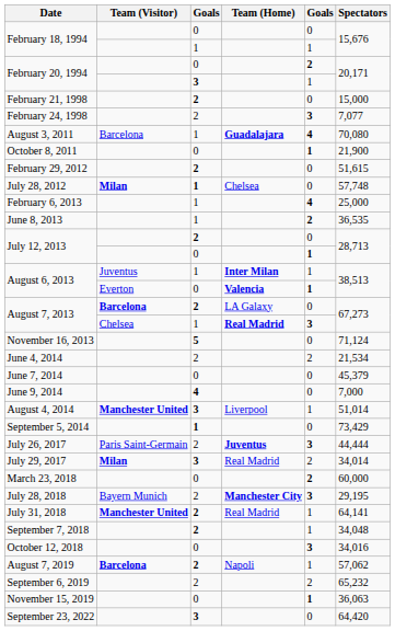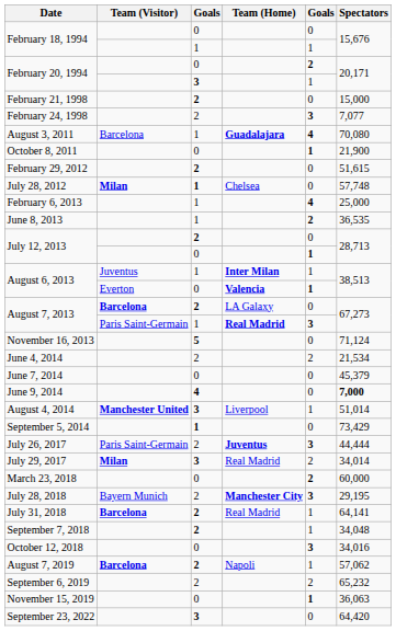 <table class="wikitable" style=font-size:100% style="text-align:center">
 <tr>
 <th style="text-align:center;">Date</th>
 <th style="text-align:center;">Team (Visitor)</th>
 <th style="text-align:center;">Goals</th>
 <th style="text-align:center;">Team (Home)</th>
 <th style="text-align:center;">Goals</th>
 <th style="text-align:center;">Spectators</th>
 </tr>
 <tr>
 <td rowspan=2 align=left>February 18, 1994</td>
 <td align="left"></td>
 <td>0</td>
 <td align="left"></td>
 <td>0</td>
 <td rowspan="2">15,676</td>
 </tr>
 <tr>
 <td align="left"></td>
 <td>1</td>
 <td align="left"></td>
 <td>1</td>
 </tr>
 <tr>
 <td rowspan=2 align=left>February 20, 1994</td>
 <td align="left"></td>
 <td>0</td>
 <td align="left"><strong></strong></td>
 <td><strong>2</strong></td>
 <td rowspan="2">20,171</td>
 </tr>
 <tr>
 <td align="left"><strong></strong></td>
 <td><strong>3</strong></td>
 <td align="left"></td>
 <td>1</td>
 </tr>
 <tr>
 <td align="left">February 21, 1998</td>
 <td align="left"><strong></strong></td>
 <td><strong>2</strong></td>
 <td align="left"></td>
 <td>0</td>
 <td>15,000</td>
 </tr>
 <tr>
 <td align="left">February 24, 1998</td>
 <td align="left"></td>
 <td>2</td>
 <td align="left"><strong></strong></td>
 <td><strong>3</strong></td>
 <td>7,077</td>
 </tr>
 <tr>
 <td align="left">August 3, 2011</td>
 <td align="left"> <a href='#'>Barcelona</a></td>
 <td>1</td>
 <td align="left"> <strong><a href='#'>Guadalajara</a></strong></td>
 <td><strong>4</strong></td>
 <td>70,080</td>
 </tr>
 <tr>
 <td align="left">October 8, 2011</td>
 <td align="left"></td>
 <td>0</td>
 <td align="left"><strong></strong></td>
 <td><strong>1</strong></td>
 <td>21,900</td>
 </tr>
 <tr>
 <td align="left">February 29, 2012</td>
 <td align="left"><strong></strong></td>
 <td><strong>2</strong></td>
 <td align="left"></td>
 <td>0</td>
 <td>51,615</td>
 </tr>
 <tr>
 <td align="left">July 28, 2012</td>
 <td align="left"> <strong><a href='#'>Milan</a></strong></td>
 <td><strong>1</strong></td>
 <td align="left"> <a href='#'>Chelsea</a></td>
 <td>0</td>
 <td>57,748</td>
 </tr>
 <tr>
 <td align="left">February 6, 2013</td>
 <td align="left"></td>
 <td>1</td>
 <td align="left"><strong></strong></td>
 <td><strong>4</strong></td>
 <td>25,000</td>
 </tr>
 <tr>
 <td align="left">June 8, 2013</td>
 <td align="left"></td>
 <td>1</td>
 <td align="left"><strong></strong></td>
 <td><strong>2</strong></td>
 <td>36,535</td>
 </tr>
 <tr>
 <td rowspan=2 align=left>July 12, 2013</td>
 <td align="left"><strong></strong></td>
 <td><strong>2</strong></td>
 <td align="left"></td>
 <td>0</td>
 <td rowspan=2>28,713</td>
 </tr>
 <tr>
 <td align="left"></td>
 <td>0</td>
 <td align="left"><strong></strong></td>
 <td><strong>1</strong></td>
 </tr>
 <tr>
 <td rowspan=2 align=left>August 6, 2013</td>
 <td align="left"> <a href='#'>Juventus</a></td>
 <td>1</td>
 <td align="left"> <strong><a href='#'>Inter Milan</a></strong></td>
 <td>1</td>
 <td rowspan="2">38,513</td>
 </tr>
 <tr>
 <td align="left"> <a href='#'>Everton</a></td>
 <td>0</td>
 <td align="left"> <strong><a href='#'>Valencia</a></strong></td>
 <td><strong>1</strong></td>
 </tr>
 <tr>
 <td rowspan=2 align=left>August 7, 2013</td>
 <td align="left"> <strong><a href='#'>Barcelona</a></strong></td>
 <td><strong>2</strong></td>
 <td align="left"> <a href='#'>LA Galaxy</a></td>
 <td>0</td>
 <td rowspan="2">67,273</td>
 </tr>
 <tr>
-<td align="left"> <a href='#'>Chelsea</a></td>
+<td align="left"> <a href='#'>Paris Saint-Germain</a></td>
 <td>1</td>
 <td align="left"> <strong><a href='#'>Real Madrid</a></strong></td>
 <td><strong>3</strong></td>
 </tr>
 <tr>
 <td align="left">November 16, 2013</td>
 <td align="left"><strong></strong></td>
 <td><strong>5</strong></td>
 <td align="left"></td>
 <td>0</td>
 <td>71,124</td>
 </tr>
 <tr>
 <td align="left">June 4, 2014</td>
 <td align="left"></td>
 <td>2</td>
 <td align="left"></td>
 <td>2</td>
 <td>21,534</td>
 </tr>
 <tr>
 <td align="left">June 7, 2014</td>
 <td align="left"></td>
 <td>0</td>
 <td align="left"></td>
 <td>0</td>
 <td>45,379</td>
 </tr>
 <tr>
 <td align="left">June 9, 2014</td>
 <td align="left"><strong></strong></td>
 <td><strong>4</strong></td>
 <td align="left"></td>
 <td>0</td>
-<td>7,000</td>
+<td><strong>7,000</strong></td>
 </tr>
 <tr>
 <td align="left">August 4, 2014</td>
 <td align="left"> <strong><a href='#'>Manchester United</a></strong></td>
 <td><strong>3</strong></td>
 <td align="left"> <a href='#'>Liverpool</a></td>
 <td>1</td>
 <td>51,014</td>
 </tr>
 <tr>
 <td align="left">September 5, 2014</td>
 <td align="left"><strong></strong></td>
 <td><strong>1</strong></td>
 <td align="left"></td>
 <td>0</td>
 <td>73,429</td>
 </tr>
 <tr>
 <td align="left">July 26, 2017</td>
 <td align="left"> <a href='#'>Paris Saint-Germain</a></td>
 <td>2</td>
 <td align="left"> <strong><a href='#'>Juventus</a></strong></td>
 <td><strong>3</strong></td>
 <td>44,444</td>
 </tr>
 <tr>
 <td align="left">July 29, 2017</td>
 <td align="left"> <strong><a href='#'>Milan</a></strong></td>
 <td><strong>3</strong></td>
 <td align="left"> <a href='#'>Real Madrid</a></td>
 <td>2</td>
 <td>34,014</td>
 </tr>
 <tr>
 <td align="left">March 23, 2018</td>
 <td align="left"></td>
 <td>0</td>
 <td align="left"><strong></strong></td>
 <td><strong>2</strong></td>
 <td>60,000</td>
 </tr>
 <tr>
 <td align="left">July 28, 2018</td>
 <td align="left"> <a href='#'>Bayern Munich</a></td>
 <td>2</td>
 <td align="left"> <strong><a href='#'>Manchester City</a></strong></td>
 <td><strong>3</strong></td>
 <td>29,195</td>
 </tr>
 <tr>
 <td align="left">July 31, 2018</td>
-<td align="left"> <strong><a href='#'>Manchester United</a></strong></td>
+<td align="left"> <strong><a href='#'>Barcelona</a></strong></td>
 <td><strong>2</strong></td>
 <td align="left"> <a href='#'>Real Madrid</a></td>
 <td>1</td>
 <td>64,141</td>
 </tr>
 <tr>
 <td align="left">September 7, 2018</td>
 <td align="left"><strong></strong></td>
 <td><strong>2</strong></td>
 <td align="left"></td>
 <td>1</td>
 <td>34,048</td>
 </tr>
 <tr>
 <td align="left">October 12, 2018</td>
 <td align="left"></td>
 <td>0</td>
 <td align="left"><strong></strong></td>
 <td><strong>3</strong></td>
 <td>34,016</td>
 </tr>
 <tr>
 <td align="left">August 7, 2019</td>
 <td align="left"> <strong><a href='#'>Barcelona</a></strong></td>
 <td><strong>2</strong></td>
 <td align="left"> <a href='#'>Napoli</a></td>
 <td>1</td>
 <td>57,062</td>
 </tr>
 <tr>
 <td align="left">September 6, 2019</td>
 <td align="left"></td>
 <td>2</td>
 <td align="left"></td>
 <td>2</td>
 <td>65,232</td>
 </tr>
 <tr>
 <td align="left">November 15, 2019</td>
 <td align="left"></td>
 <td>0</td>
 <td align="left"><strong></strong></td>
 <td><strong>1</strong></td>
 <td>36,063</td>
 </tr>
 <tr>
 <td align="left">September 23, 2022</td>
 <td align="left"><strong></strong></td>
 <td><strong>3</strong></td>
 <td align="left"></td>
 <td>0</td>
 <td>64,420</td>
 </tr>
 </table>
